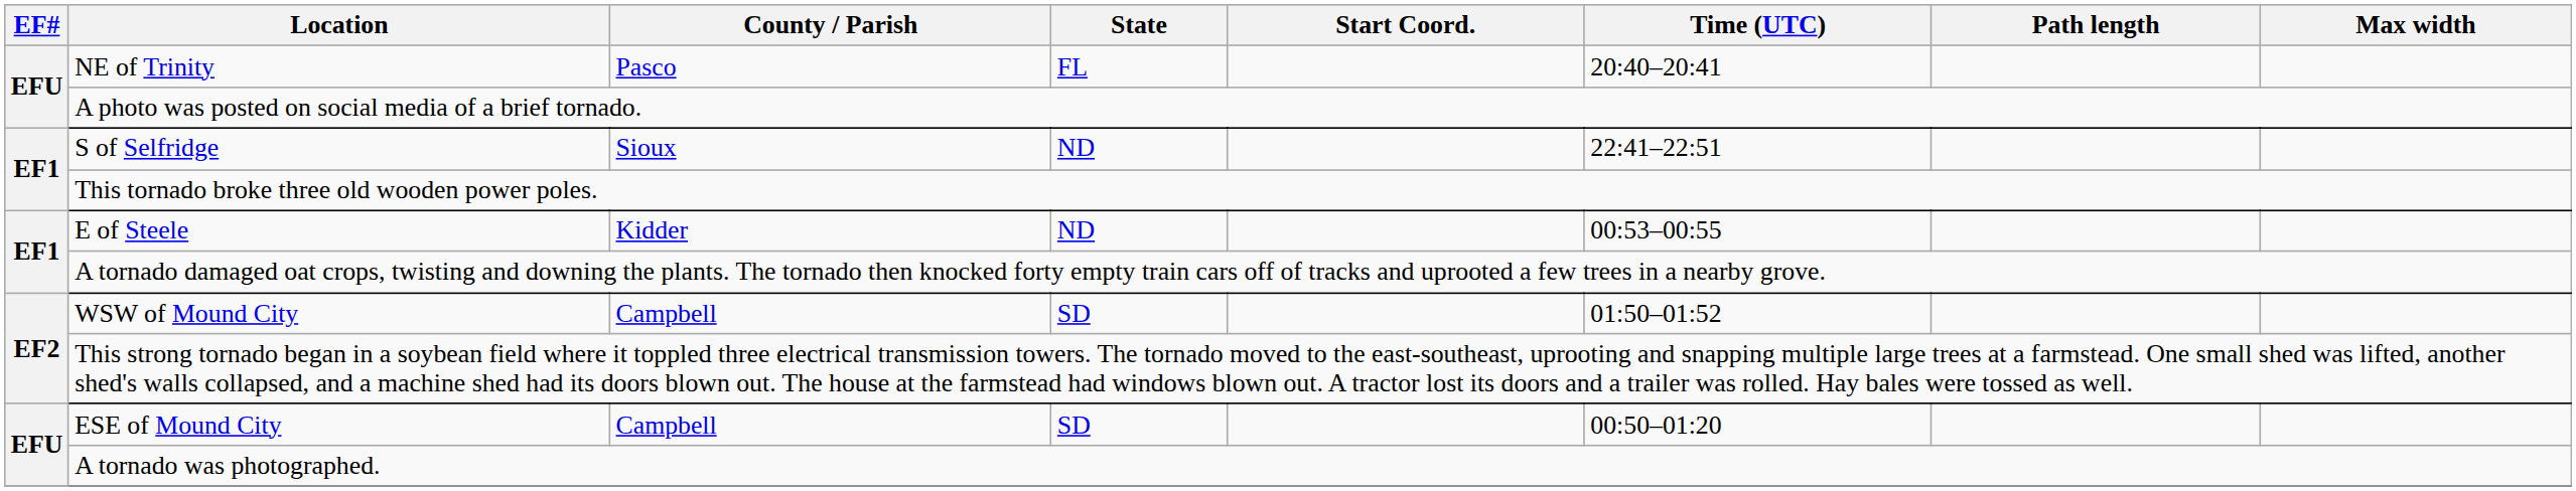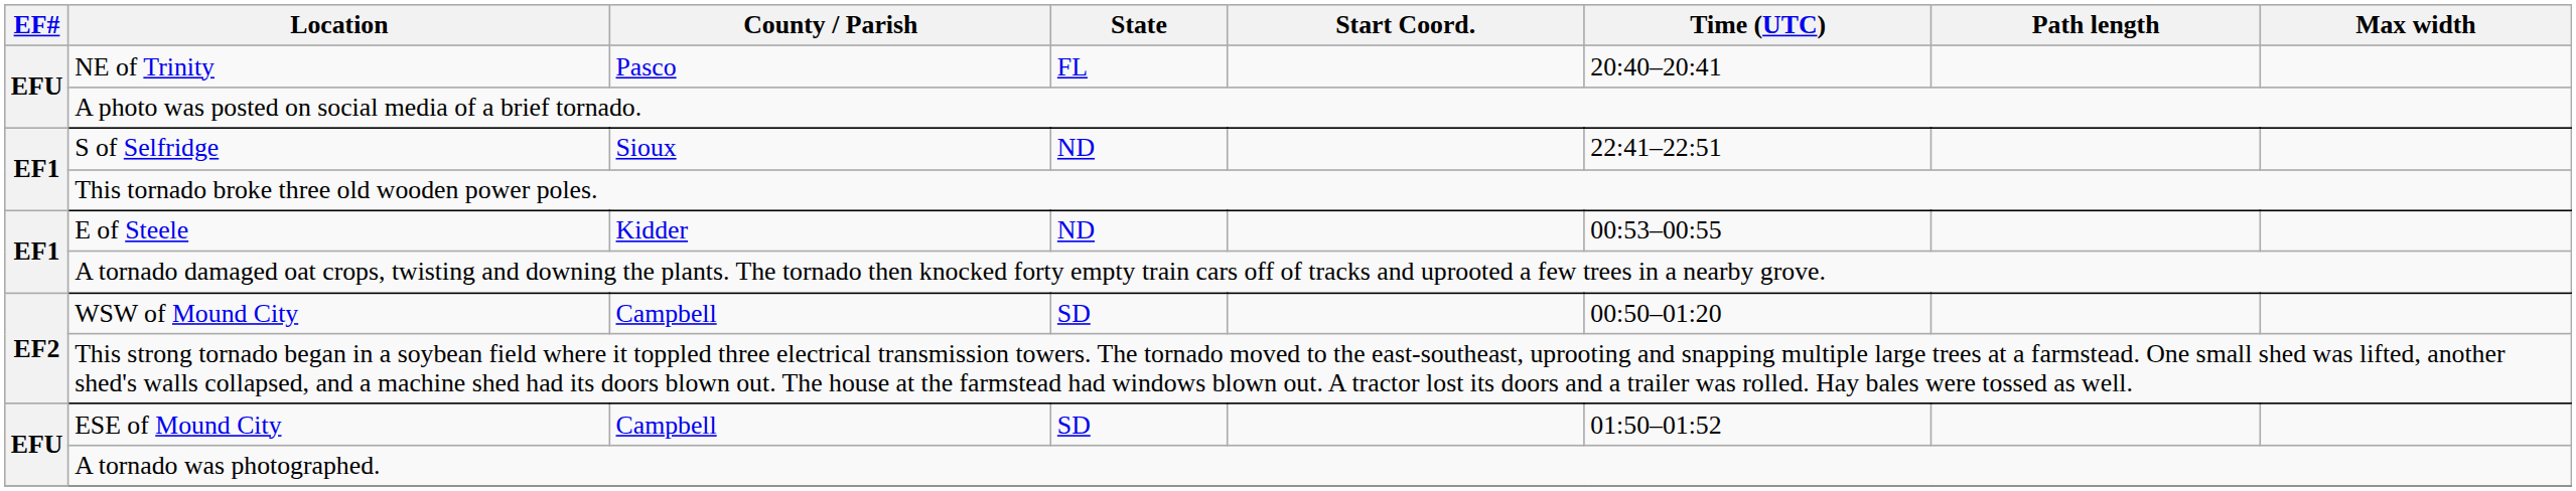 <table class="wikitable sortable" style="width:100%;">
 <tr>
 <th scope="col" width="2%" align="center"><a href='#'>EF#</a></th>
 <th scope="col" align="center" class="unsortable">Location</th>
 <th scope="col" align="center" class="unsortable">County / Parish</th>
 <th scope="col" align="center">State</th>
 <th scope="col" align="center">Start Coord.</th>
 <th scope="col" align="center">Time (<a href='#'>UTC</a>)</th>
 <th scope="col" align="center">Path length</th>
 <th scope="col" align="center">Max width</th>
 </tr>
 <tr>
 <th scope="row" rowspan="2" style="background-color:#">EFU</th>
 <td>NE of <a href='#'>Trinity</a></td>
 <td><a href='#'>Pasco</a></td>
 <td><a href='#'>FL</a></td>
 <td></td>
 <td>20:40–20:41</td>
 <td></td>
 <td></td>
 </tr>
 <tr class="expand-child">
 <td colspan="8" style=" border-bottom: 1px solid black;">A photo was posted on social media of a brief tornado.</td>
 </tr>
 <tr>
 <th scope="row" rowspan="2" style="background-color:#">EF1</th>
 <td>S of <a href='#'>Selfridge</a></td>
 <td><a href='#'>Sioux</a></td>
 <td><a href='#'>ND</a></td>
 <td></td>
 <td>22:41–22:51</td>
 <td></td>
 <td></td>
 </tr>
 <tr class="expand-child">
 <td colspan="8" style=" border-bottom: 1px solid black;">This tornado broke three old wooden power poles.</td>
 </tr>
 <tr>
 <th scope="row" rowspan="2" style="background-color:#">EF1</th>
 <td>E of <a href='#'>Steele</a></td>
 <td><a href='#'>Kidder</a></td>
 <td><a href='#'>ND</a></td>
 <td></td>
 <td>00:53–00:55</td>
 <td></td>
 <td></td>
 </tr>
 <tr class="expand-child">
 <td colspan="8" style=" border-bottom: 1px solid black;">A tornado damaged oat crops, twisting and downing the plants. The tornado then knocked forty empty train cars off of tracks and uprooted a few trees in a nearby grove.</td>
 </tr>
 <tr>
 <th scope="row" rowspan="2" style="background-color:#">EF2</th>
 <td>WSW of <a href='#'>Mound City</a></td>
 <td><a href='#'>Campbell</a></td>
 <td><a href='#'>SD</a></td>
 <td></td>
-<td>01:50–01:52</td>
+<td>00:50–01:20</td>
 <td></td>
 <td></td>
 </tr>
 <tr class="expand-child">
 <td colspan="8" style=" border-bottom: 1px solid black;">This strong tornado began in a soybean field where it toppled three electrical transmission towers. The tornado moved to the east-southeast, uprooting and snapping multiple large trees at a farmstead. One small shed was lifted, another shed's walls collapsed, and a machine shed had its doors blown out. The house at the farmstead had windows blown out. A tractor lost its doors and a trailer was rolled. Hay bales were tossed as well.</td>
 </tr>
 <tr>
 <th scope="row" rowspan="2" style="background-color:#">EFU</th>
 <td>ESE of <a href='#'>Mound City</a></td>
 <td><a href='#'>Campbell</a></td>
 <td><a href='#'>SD</a></td>
 <td></td>
-<td>00:50–01:20</td>
+<td>01:50–01:52</td>
 <td></td>
 <td></td>
 </tr>
 <tr class="expand-child">
 <td colspan="8" style=" border-bottom: 1px solid black;">A tornado was photographed.</td>
 </tr>
 <tr>
 </tr>
 </table>
